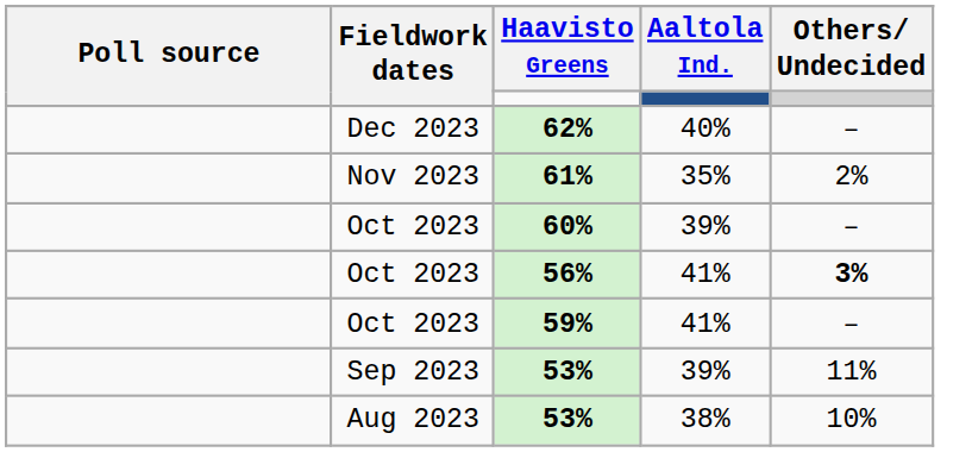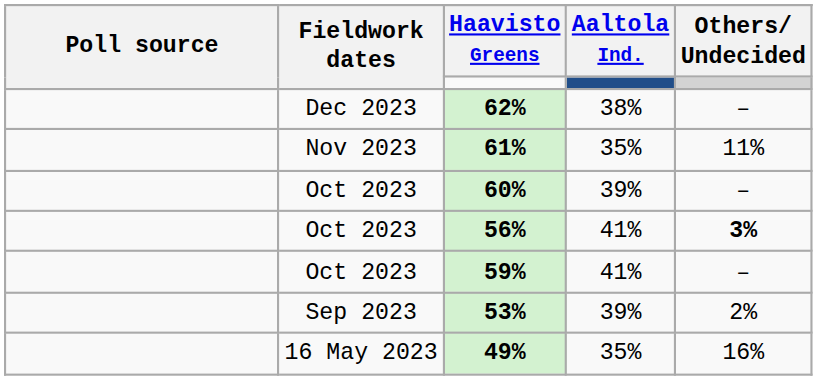 <table class="wikitable mw-collapsible mw-collapsed" style="text-align:center;font-size:85%;line-height:14px;">
 <tr bgcolor="lightgray">
 <th rowspan="3" style="width:125px;">Poll source</th>
 <th rowspan="3">Fieldwork<br>dates</th>
 </tr>
 <tr>
 <th><a href='#'>Haavisto</a><br><small><a href='#'>Greens</a></small></th>
 <th><a href='#'>Aaltola</a><br><small><a href='#'>Ind.</a></small></th>
 <th>Others/<br>Undecided</th>
 </tr>
 <tr>
 <td></td>
 <td bgcolor="#214E89"></td>
 <td bgcolor="lightgray"></td>
 </tr>
 <tr>
 <td></td>
 <td>Dec 2023</td>
 <td style="background:#D3F2D0"><strong>62%</strong></td>
-<td>40%</td>
+<td>38%</td>
 <td>–</td>
 </tr>
 <tr>
 <td></td>
 <td>Nov 2023</td>
 <td style="background:#D3F2D0"><strong>61%</strong></td>
 <td>35%</td>
-<td>2%</td>
+<td>11%</td>
 </tr>
 <tr>
 <td></td>
 <td>Oct 2023</td>
 <td style="background:#D3F2D0"><strong>60%</strong></td>
 <td>39%</td>
 <td>–</td>
 </tr>
 <tr>
 <td></td>
 <td>Oct 2023</td>
 <td style="background:#D3F2D0"><strong>56%</strong></td>
 <td>41%</td>
 <td><strong>3%</strong></td>
 </tr>
 <tr>
 <td></td>
 <td>Oct 2023</td>
 <td style="background:#D3F2D0"><strong>59%</strong></td>
 <td>41%</td>
 <td>–</td>
 </tr>
 <tr>
 <td></td>
 <td>Sep 2023</td>
 <td style="background:#D3F2D0"><strong>53%</strong></td>
 <td>39%</td>
-<td>11%</td>
+<td>2%</td>
 </tr>
 <tr>
 <td></td>
-<td>Aug 2023</td>
-<td style="background:#D3F2D0"><strong>53%</strong></td>
-<td>38%</td>
-<td>10%</td>
+<td>16 May 2023</td>
+<td style="background:#D3F2D0"><strong>49%</strong></td>
+<td>35%</td>
+<td>16%</td>
 </tr>
 </table>
